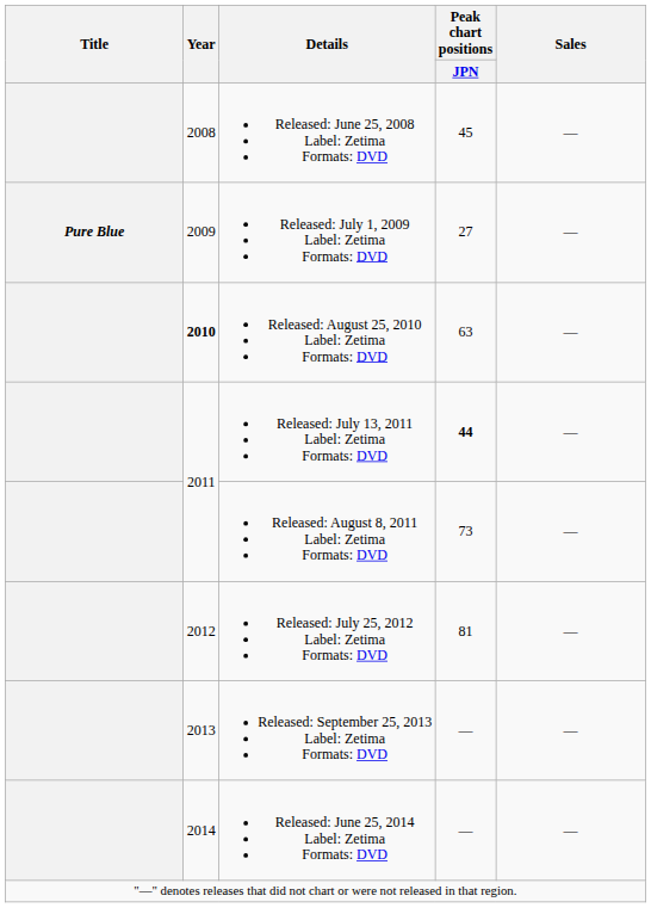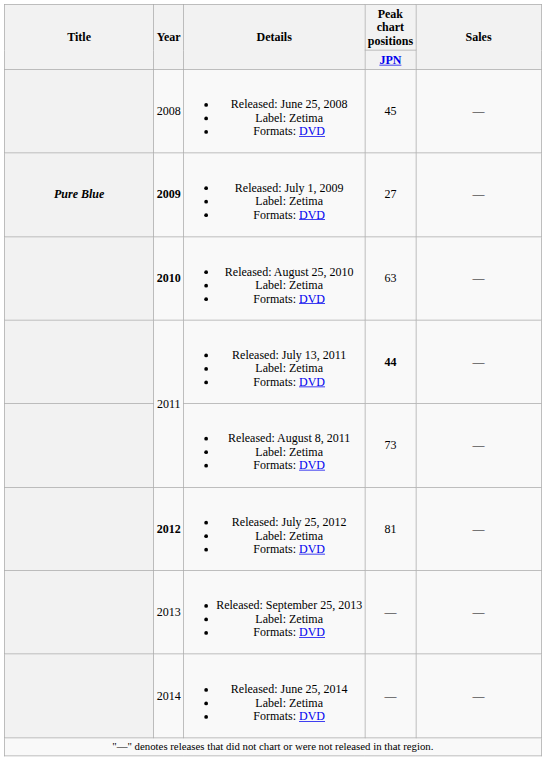 <table class="wikitable plainrowheaders" style="text-align:center;">
 <tr>
 <th rowspan="2" style="width:12em;">Title</th>
 <th rowspan="2">Year</th>
 <th rowspan="2">Details</th>
 <th colspan="1">Peak chart positions</th>
 <th rowspan="2" style="width:10em;">Sales</th>
 </tr>
 <tr>
 <th width="30"><a href='#'>JPN</a></th>
 </tr>
 <tr>
 <th scope="row"></th>
 <td>2008</td>
 <td><br><ul><li>Released: June 25, 2008</li><li>Label: Zetima</li><li>Formats: <a href='#'>DVD</a></li></ul></td>
 <td>45</td>
 <td>—</td>
 </tr>
 <tr>
 <th scope="row"><em>Pure Blue</em></th>
-<td>2009</td>
+<td><strong>2009</strong></td>
 <td><br><ul><li>Released: July 1, 2009</li><li>Label: Zetima</li><li>Formats: <a href='#'>DVD</a></li></ul></td>
 <td>27</td>
 <td>—</td>
 </tr>
 <tr>
 <th scope="row"></th>
 <td><strong>2010</strong></td>
 <td><br><ul><li>Released: August 25, 2010</li><li>Label: Zetima</li><li>Formats: <a href='#'>DVD</a></li></ul></td>
 <td>63</td>
 <td>—</td>
 </tr>
 <tr>
 <th scope="row"></th>
 <td rowspan="2">2011</td>
 <td><br><ul><li>Released: July 13, 2011</li><li>Label: Zetima</li><li>Formats: <a href='#'>DVD</a></li></ul></td>
 <td><strong>44</strong></td>
 <td>—</td>
 </tr>
 <tr>
 <th scope="row"></th>
 <td><br><ul><li>Released: August 8, 2011</li><li>Label: Zetima</li><li>Formats: <a href='#'>DVD</a></li></ul></td>
 <td>73</td>
 <td>—</td>
 </tr>
 <tr>
 <th scope="row"></th>
-<td>2012</td>
+<td><strong>2012</strong></td>
 <td><br><ul><li>Released: July 25, 2012</li><li>Label: Zetima</li><li>Formats: <a href='#'>DVD</a></li></ul></td>
 <td>81</td>
 <td>—</td>
 </tr>
 <tr>
 <th scope="row"></th>
 <td>2013</td>
 <td><br><ul><li>Released: September 25, 2013</li><li>Label: Zetima</li><li>Formats: <a href='#'>DVD</a></li></ul></td>
 <td>—</td>
 <td>—</td>
 </tr>
 <tr>
 <th scope="row"></th>
 <td>2014</td>
 <td><br><ul><li>Released: June 25, 2014</li><li>Label: Zetima</li><li>Formats: <a href='#'>DVD</a></li></ul></td>
 <td>—</td>
 <td>—</td>
 </tr>
 <tr>
 <td colspan="6" style="font-size:90%;">"—" denotes releases that did not chart or were not released in that region.</td>
 </tr>
 </table>
